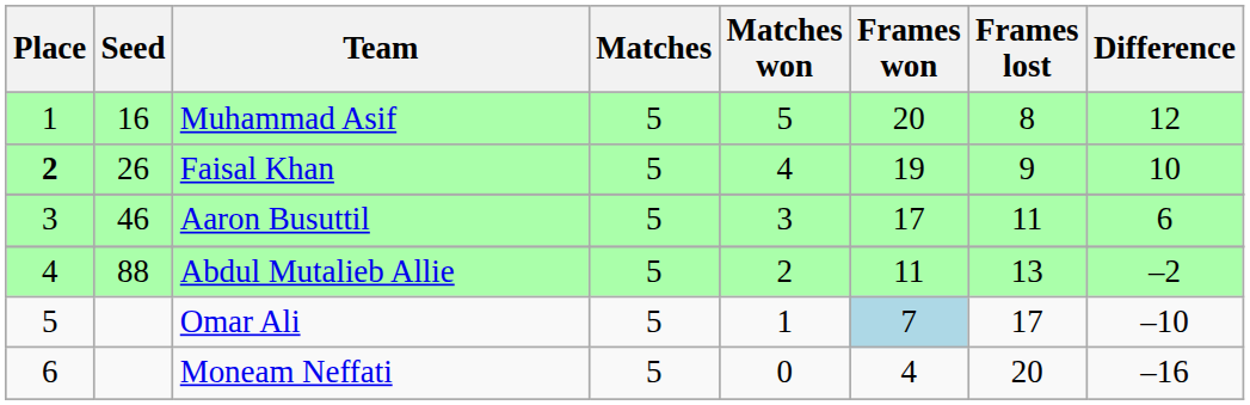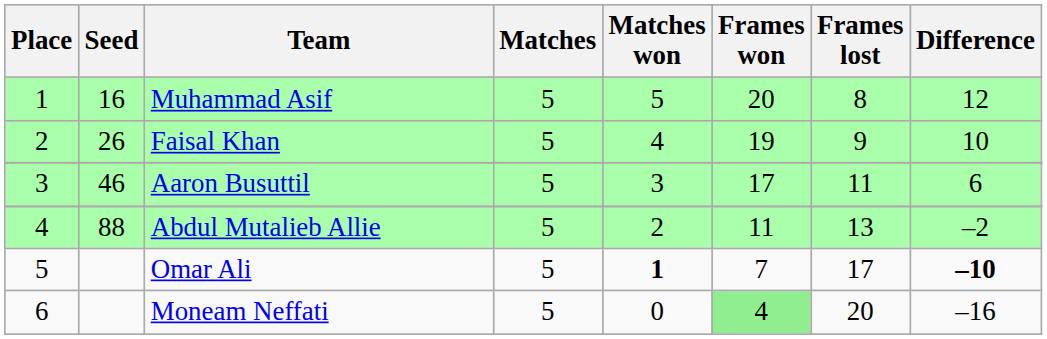 <table class="wikitable" style="text-align: center;">
 <tr>
 <th width=20>Place</th>
 <th width=20>Seed</th>
 <th width=200>Team</th>
 <th width=20>Matches</th>
 <th width=20>Matches won</th>
 <th width=20>Frames won</th>
 <th width=20>Frames lost</th>
 <th width=20>Difference</th>
 </tr>
 <tr style="background:#aaffaa;">
 <td>1</td>
 <td>16</td>
 <td style="text-align:left;"> <a href='#'>Muhammad Asif</a></td>
 <td>5</td>
 <td>5</td>
 <td>20</td>
 <td>8</td>
 <td>12</td>
 </tr>
 <tr style="background:#aaffaa;">
-<td><strong>2</strong></td>
+<td>2</td>
 <td>26</td>
 <td style="text-align:left;"> <a href='#'>Faisal Khan</a></td>
 <td>5</td>
 <td>4</td>
 <td>19</td>
 <td>9</td>
 <td>10</td>
 </tr>
 <tr>
 </tr>
 <tr style="background:#aaffaa;">
 <td>3</td>
 <td>46</td>
 <td style="text-align:left;"> <a href='#'>Aaron Busuttil</a></td>
 <td>5</td>
 <td>3</td>
 <td>17</td>
 <td>11</td>
 <td>6</td>
 </tr>
 <tr>
 </tr>
 <tr style="background:#aaffaa;">
 <td>4</td>
 <td>88</td>
 <td style="text-align:left;"> <a href='#'>Abdul Mutalieb Allie</a></td>
 <td>5</td>
 <td>2</td>
 <td>11</td>
 <td>13</td>
 <td>–2</td>
 </tr>
 <tr>
 <td>5</td>
 <td></td>
 <td style="text-align:left;"> <a href='#'>Omar Ali</a></td>
 <td>5</td>
-<td>1</td>
-<td style="background: lightblue;">7</td>
+<td><strong>1</strong></td>
+<td>7</td>
 <td>17</td>
-<td>–10</td>
+<td><strong>–10</strong></td>
 </tr>
 <tr>
 <td>6</td>
 <td></td>
 <td style="text-align:left;"> <a href='#'>Moneam Neffati</a></td>
 <td>5</td>
 <td>0</td>
-<td>4</td>
+<td style="background: lightgreen;">4</td>
 <td>20</td>
 <td>–16</td>
 </tr>
 </table>
